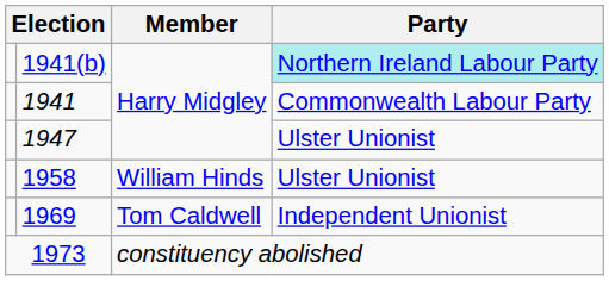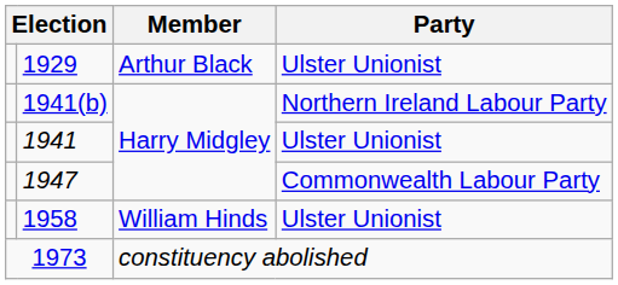 <table class="wikitable">
 <tr>
 <th colspan="2">Election</th>
 <th>Member</th>
 <th>Party</th>
 </tr>
 <tr>
 <td style="background-color: "></td>
+<td><a href='#'>1929</a></td>
+<td><a href='#'>Arthur Black</a></td>
+<td><a href='#'>Ulster Unionist</a></td>
+</tr>
+<tr>
+<td style="background-color: "></td>
 <td><a href='#'>1941(b)</a></td>
 <td rowspan=3><a href='#'>Harry Midgley</a></td>
-<td style="background: paleturquoise;"><a href='#'>Northern Ireland Labour Party</a></td>
+<td><a href='#'>Northern Ireland Labour Party</a></td>
 </tr>
 <tr>
 <td style="background-color: "></td>
 <td><em>1941</em></td>
-<td><a href='#'>Commonwealth Labour Party</a></td>
+<td><a href='#'>Ulster Unionist</a></td>
 </tr>
 <tr>
 <td style="background-color: "></td>
 <td><em>1947</em></td>
-<td><a href='#'>Ulster Unionist</a></td>
+<td><a href='#'>Commonwealth Labour Party</a></td>
 </tr>
 <tr>
 <td style="background-color: "></td>
 <td><a href='#'>1958</a></td>
 <td><a href='#'>William Hinds</a></td>
 <td><a href='#'>Ulster Unionist</a></td>
 </tr>
 <tr>
-<td style="background-color: "></td>
-<td><a href='#'>1969</a></td>
-<td><a href='#'>Tom Caldwell</a></td>
-<td><a href='#'>Independent Unionist</a></td>
-</tr>
-<tr>
 <td colspan="2" align="center"><a href='#'>1973</a></td>
 <td colspan="2"><em>constituency abolished</em></td>
 </tr>
 </table>
